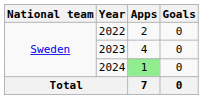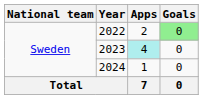 <table class="wikitable" style="text-align: center;">
 <tr>
 <th>National team</th>
 <th>Year</th>
 <th>Apps</th>
 <th>Goals</th>
 </tr>
 <tr>
 <td rowspan="3"><a href='#'>Sweden</a></td>
 <td>2022</td>
 <td>2</td>
-<td>0</td>
+<td style="background: lightgreen;">0</td>
 </tr>
 <tr>
 <td>2023</td>
-<td>4</td>
+<td style="background: paleturquoise;">4</td>
 <td>0</td>
 </tr>
 <tr>
 <td>2024</td>
-<td style="background: lightgreen;">1</td>
+<td>1</td>
 <td>0</td>
 </tr>
 <tr>
 <th colspan="2">Total</th>
 <th>7</th>
 <th>0</th>
 </tr>
 </table>
